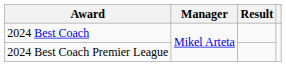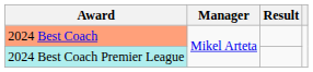 <table class="wikitable" style="text-align:center;">
 <tr>
 <th>Award</th>
 <th>Manager</th>
 <th>Result</th>
 <th></th>
 </tr>
 <tr>
-<td style="text-align:left;">2024 <a href='#'>Best Coach</a></td>
+<td style="background: lightsalmon; text-align:left;">2024 <a href='#'>Best Coach</a></td>
 <td rowspan="2" style="text-align:left;"> <a href='#'>Mikel Arteta</a></td>
 <td></td>
 <td rowspan="2"></td>
 </tr>
 <tr>
-<td style="text-align:left;">2024 Best Coach Premier League</td>
+<td style="background: paleturquoise; text-align:left;">2024 Best Coach Premier League</td>
 <td></td>
 </tr>
 </table>
